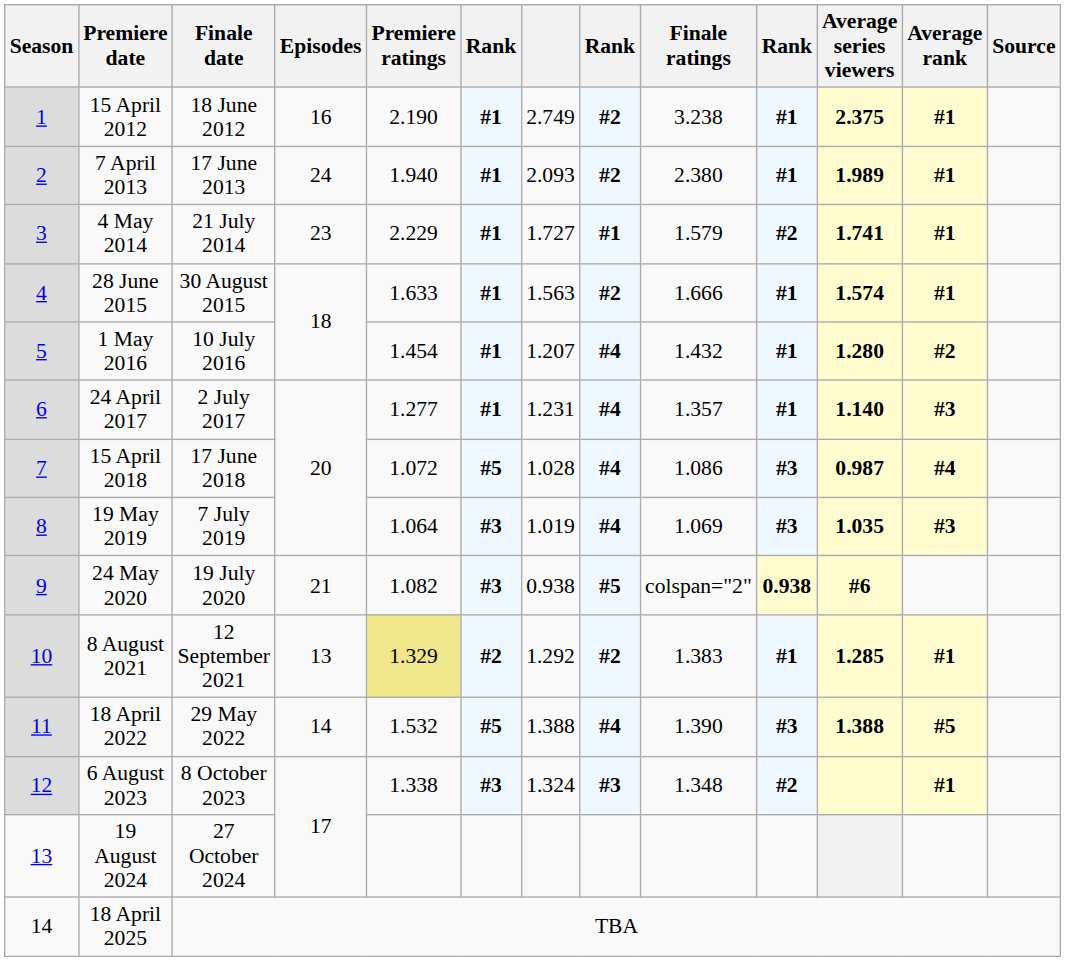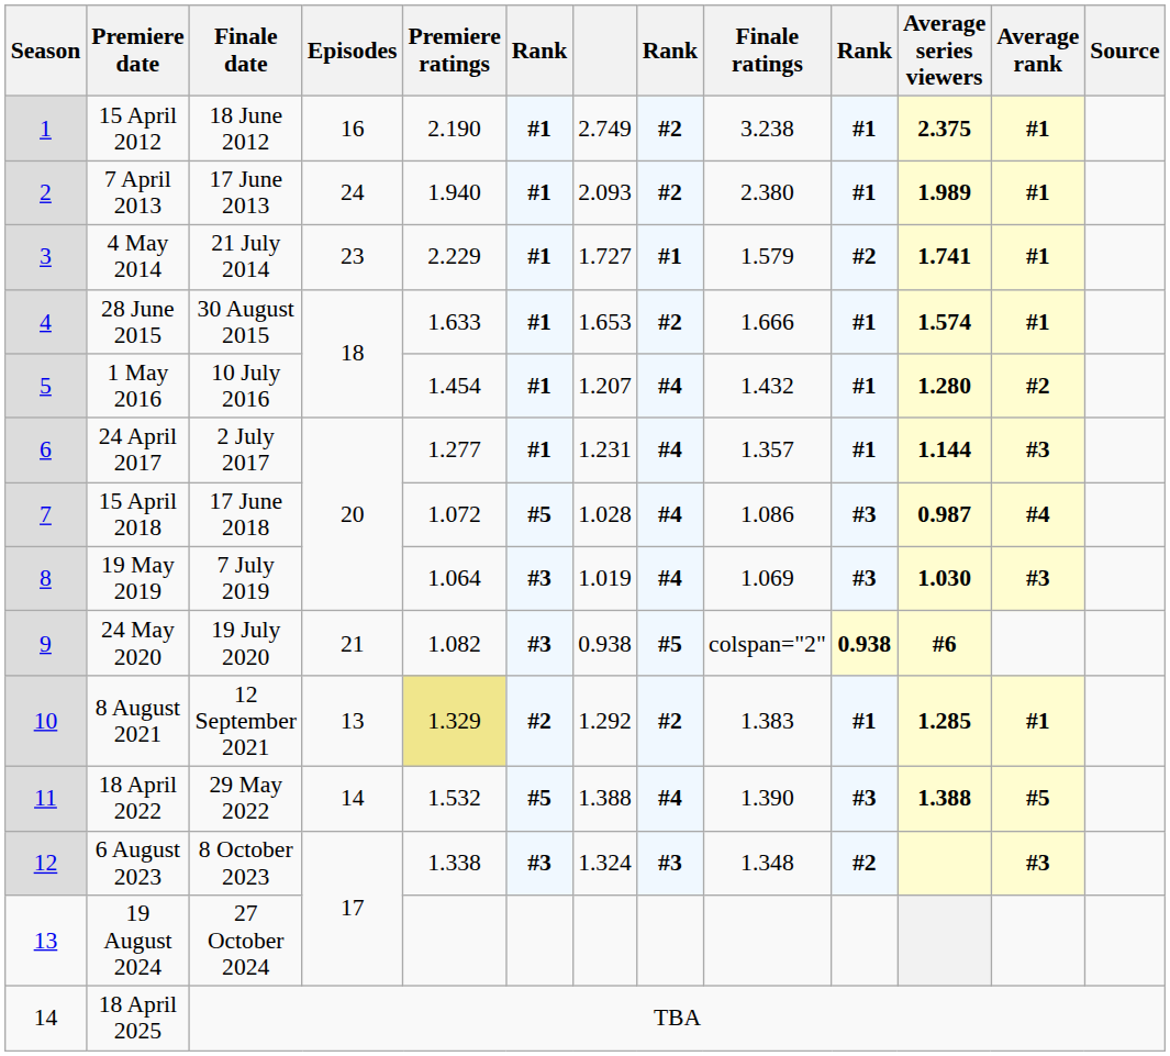 <table class="wikitable plainrowheaders" style="text-align:center">
 <tr style="background:#DCDCDC">
 <th scope="col">Season</th>
 <th scope="col">Premiere date</th>
 <th scope="col">Finale date</th>
 <th scope="col">Episodes</th>
 <th scope="col">Premiere<br>ratings</th>
 <th scope="col">Rank</th>
 <th scope="col"><br></th>
 <th scope="col">Rank</th>
 <th scope="col"><strong>Finale ratings</strong><br></th>
 <th scope="col">Rank</th>
 <th scope="col">Average<br>series viewers</th>
 <th scope="col">Average<br>rank</th>
 <th scope="col">Source</th>
 </tr>
 <tr>
 <td scope="row" style="background:#DCDCDC"><a href='#'>1</a></td>
 <td>15 April 2012</td>
 <td>18 June 2012</td>
 <td>16</td>
 <td>2.190</td>
 <td style="background:#F0F8FF"><strong>#1</strong></td>
 <td>2.749</td>
 <td style="background:#F0F8FF"><strong>#2</strong></td>
 <td>3.238</td>
 <td style="background:#F0F8FF"><strong>#1</strong></td>
 <td style="background:#FFFDD0"><strong>2.375</strong></td>
 <td style="background:#FFFDD0"><strong>#1</strong></td>
 <td></td>
 </tr>
 <tr>
 <td scope="row" style="background:#DCDCDC"><a href='#'>2</a></td>
 <td>7 April 2013</td>
 <td>17 June 2013</td>
 <td>24</td>
 <td>1.940</td>
 <td style="background:#F0F8FF"><strong>#1</strong></td>
 <td>2.093</td>
 <td style="background:#F0F8FF"><strong>#2</strong></td>
 <td>2.380</td>
 <td style="background:#F0F8FF"><strong>#1</strong></td>
 <td style="background:#FFFDD0"><strong>1.989</strong></td>
 <td style="background:#FFFDD0"><strong>#1</strong></td>
 <td></td>
 </tr>
 <tr>
 <td scope="row" style="background:#DCDCDC"><a href='#'>3</a></td>
 <td>4 May 2014</td>
 <td>21 July 2014</td>
 <td>23</td>
 <td>2.229</td>
 <td style="background:#F0F8FF"><strong>#1</strong></td>
 <td>1.727</td>
 <td style="background:#F0F8FF"><strong>#1</strong></td>
 <td>1.579</td>
 <td style="background:#F0F8FF"><strong>#2</strong></td>
 <td style="background:#FFFDD0"><strong>1.741</strong></td>
 <td style="background:#FFFDD0"><strong>#1</strong></td>
 <td></td>
 </tr>
 <tr>
 <td scope="row" style="background:#DCDCDC"><a href='#'>4</a></td>
 <td>28 June 2015</td>
 <td>30 August 2015</td>
 <td rowspan=2>18</td>
 <td>1.633</td>
 <td style="background:#F0F8FF"><strong>#1</strong></td>
-<td>1.563</td>
+<td>1.653</td>
 <td style="background:#F0F8FF"><strong>#2</strong></td>
 <td>1.666</td>
 <td style="background:#F0F8FF"><strong>#1</strong></td>
 <td style="background:#FFFDD0"><strong>1.574</strong></td>
 <td style="background:#FFFDD0"><strong>#1</strong></td>
 <td></td>
 </tr>
 <tr>
 <td scope="row" style="background:#DCDCDC"><a href='#'>5</a></td>
 <td>1 May 2016</td>
 <td>10 July 2016</td>
 <td>1.454</td>
 <td style="background:#F0F8FF"><strong>#1</strong></td>
 <td>1.207</td>
 <td style="background:#F0F8FF"><strong>#4</strong></td>
 <td>1.432</td>
 <td style="background:#F0F8FF"><strong>#1</strong></td>
 <td style="background:#FFFDD0"><strong>1.280</strong></td>
 <td style="background:#FFFDD0"><strong>#2</strong></td>
 <td></td>
 </tr>
 <tr>
 <td scope="row" style="background:#DCDCDC"><a href='#'>6</a></td>
 <td>24 April 2017</td>
 <td>2 July 2017</td>
 <td rowspan=3>20</td>
 <td>1.277</td>
 <td style="background:#F0F8FF"><strong>#1</strong></td>
 <td>1.231</td>
 <td style="background:#F0F8FF"><strong>#4</strong></td>
 <td>1.357</td>
 <td style="background:#F0F8FF"><strong>#1</strong></td>
-<td style="background:#FFFDD0"><strong>1.140</strong></td>
+<td style="background:#FFFDD0"><strong>1.144</strong></td>
 <td style="background:#FFFDD0"><strong>#3</strong></td>
 <td></td>
 </tr>
 <tr>
 <td scope="row" style="background:#DCDCDC"><a href='#'>7</a></td>
 <td>15 April 2018</td>
 <td>17 June 2018</td>
 <td>1.072</td>
 <td style="background:#F0F8FF"><strong>#5</strong></td>
 <td>1.028</td>
 <td style="background:#F0F8FF"><strong>#4</strong></td>
 <td>1.086</td>
 <td style="background:#F0F8FF"><strong>#3</strong></td>
 <td style="background:#FFFDD0"><strong>0.987</strong></td>
 <td style="background:#FFFDD0"><strong>#4</strong></td>
 <td></td>
 </tr>
 <tr>
 <td scope="row" style="background:#DCDCDC"><a href='#'>8</a></td>
 <td>19 May 2019</td>
 <td>7 July 2019</td>
 <td>1.064</td>
 <td style="background:#F0F8FF"><strong>#3</strong></td>
 <td>1.019</td>
 <td style="background:#F0F8FF"><strong>#4</strong></td>
 <td>1.069</td>
 <td style="background:#F0F8FF"><strong>#3</strong></td>
-<td style="background:#FFFDD0"><strong>1.035</strong></td>
+<td style="background:#FFFDD0"><strong>1.030</strong></td>
 <td style="background:#FFFDD0"><strong>#3</strong></td>
 <td></td>
 </tr>
 <tr>
 <td scope="row" style="background:#DCDCDC"><a href='#'>9</a></td>
 <td>24 May 2020</td>
 <td>19 July 2020</td>
 <td>21</td>
 <td>1.082</td>
 <td style="background:#F0F8FF"><strong>#3</strong></td>
 <td>0.938</td>
 <td style="background:#F0F8FF"><strong>#5</strong></td>
 <td>colspan="2" </td>
 <td style="background:#FFFDD0"><strong>0.938</strong></td>
 <td style="background:#FFFDD0"><strong>#6</strong></td>
 <td></td>
 </tr>
 <tr>
 <td scope="row" style="background:#DCDCDC"><a href='#'>10</a></td>
 <td>8 August 2021</td>
 <td>12 September 2021</td>
 <td>13</td>
 <td style="background: khaki;">1.329</td>
 <td style="background:#F0F8FF"><strong>#2</strong></td>
 <td>1.292</td>
 <td style="background:#F0F8FF"><strong>#2</strong></td>
 <td>1.383</td>
 <td style="background:#F0F8FF"><strong>#1</strong></td>
 <td style="background:#FFFDD0"><strong>1.285</strong></td>
 <td style="background:#FFFDD0"><strong>#1</strong></td>
 <td></td>
 </tr>
 <tr>
 <td scope="row" style="background:#DCDCDC"><a href='#'>11</a></td>
 <td>18 April 2022</td>
 <td>29 May 2022</td>
 <td>14</td>
 <td>1.532</td>
 <td style="background:#F0F8FF"><strong>#5</strong></td>
 <td>1.388</td>
 <td style="background:#F0F8FF"><strong>#4</strong></td>
 <td>1.390</td>
 <td style="background:#F0F8FF"><strong>#3</strong></td>
 <th style="background:#FFFDD0">1.388</th>
 <td style="background:#FFFDD0"><strong>#5</strong></td>
 <td></td>
 </tr>
 <tr>
 <td scope="row" style="background:#DCDCDC"><a href='#'>12</a></td>
 <td>6 August 2023</td>
 <td>8 October 2023</td>
 <td rowspan="2">17</td>
 <td>1.338</td>
 <td style="background:#F0F8FF"><strong>#3</strong></td>
 <td>1.324</td>
 <td style="background:#F0F8FF"><strong>#3</strong></td>
 <td>1.348</td>
 <td style="background:#F0F8FF"><strong>#2</strong></td>
 <th style="background:#FFFDD0"></th>
-<td style="background:#FFFDD0"><strong>#1</strong></td>
+<td style="background:#FFFDD0"><strong>#3</strong></td>
 <td></td>
 </tr>
 <tr>
 <td><a href='#'>13</a></td>
 <td>19 August 2024</td>
 <td>27 October 2024</td>
 <td></td>
 <td></td>
 <td></td>
 <td></td>
 <td></td>
 <td></td>
 <th></th>
 <td></td>
 <td></td>
 </tr>
 <tr>
 <td>14</td>
 <td>18 April 2025</td>
 <td colspan="11">TBA</td>
 </tr>
 </table>
